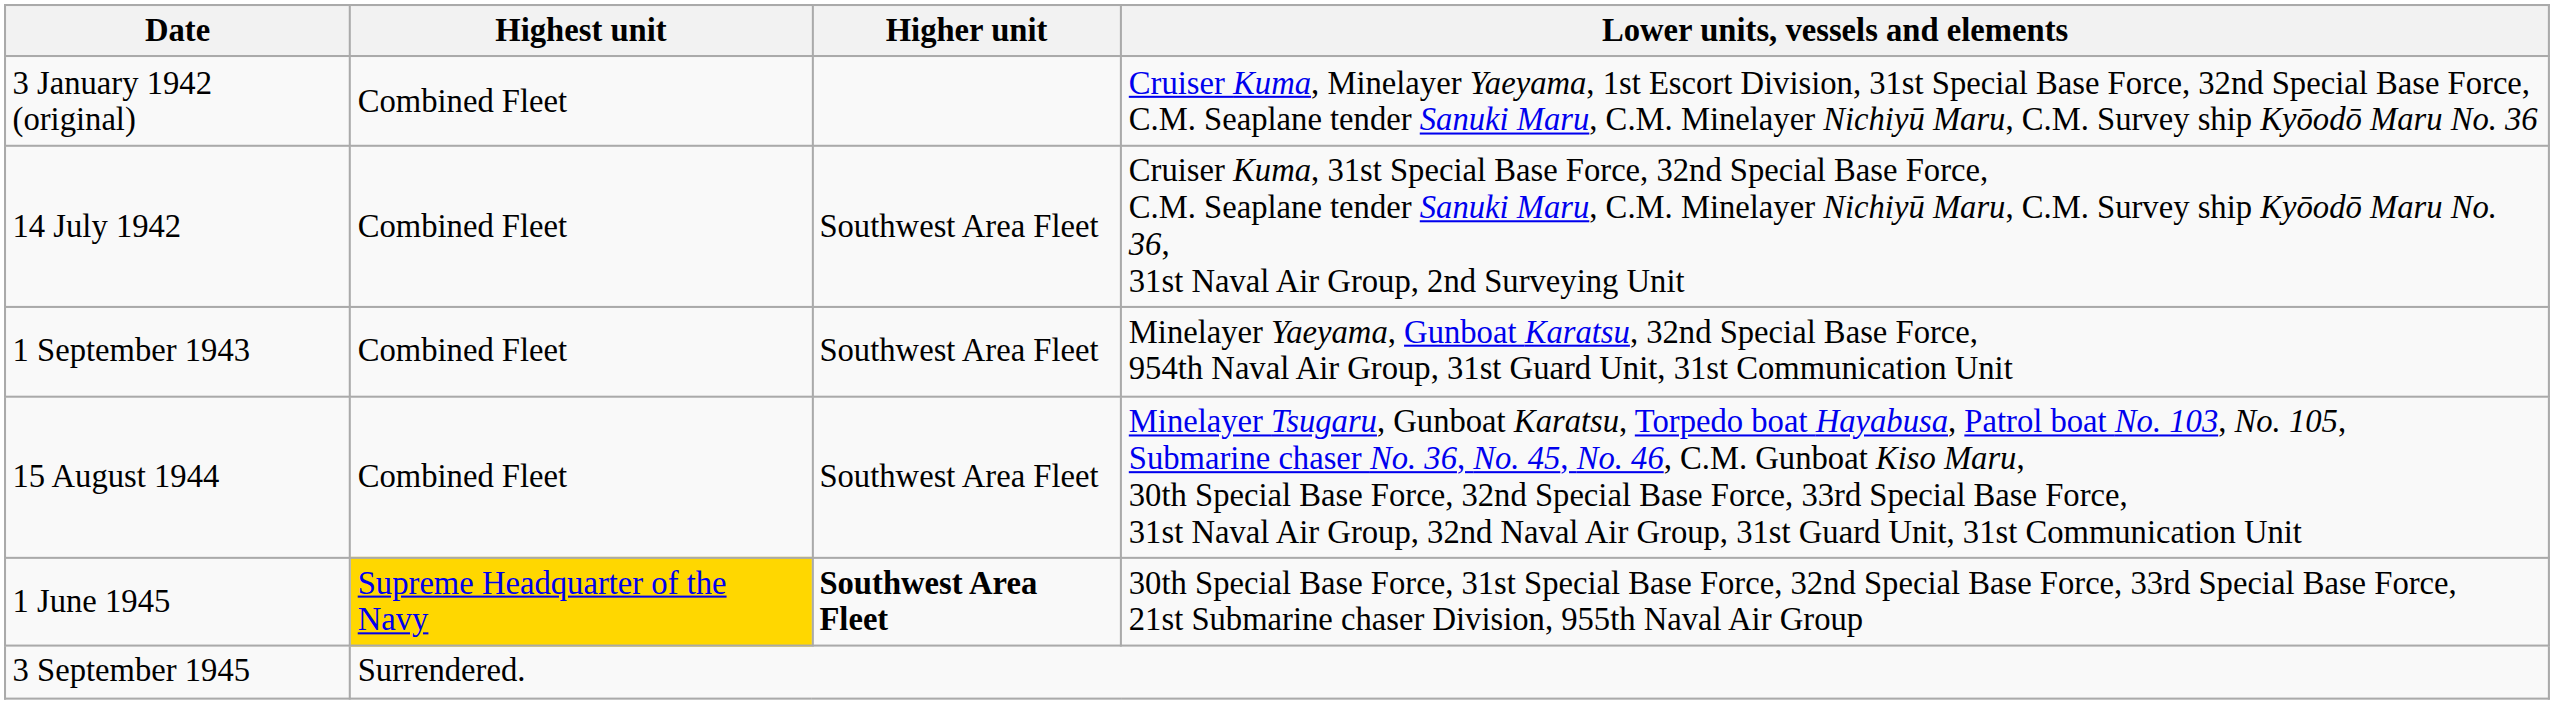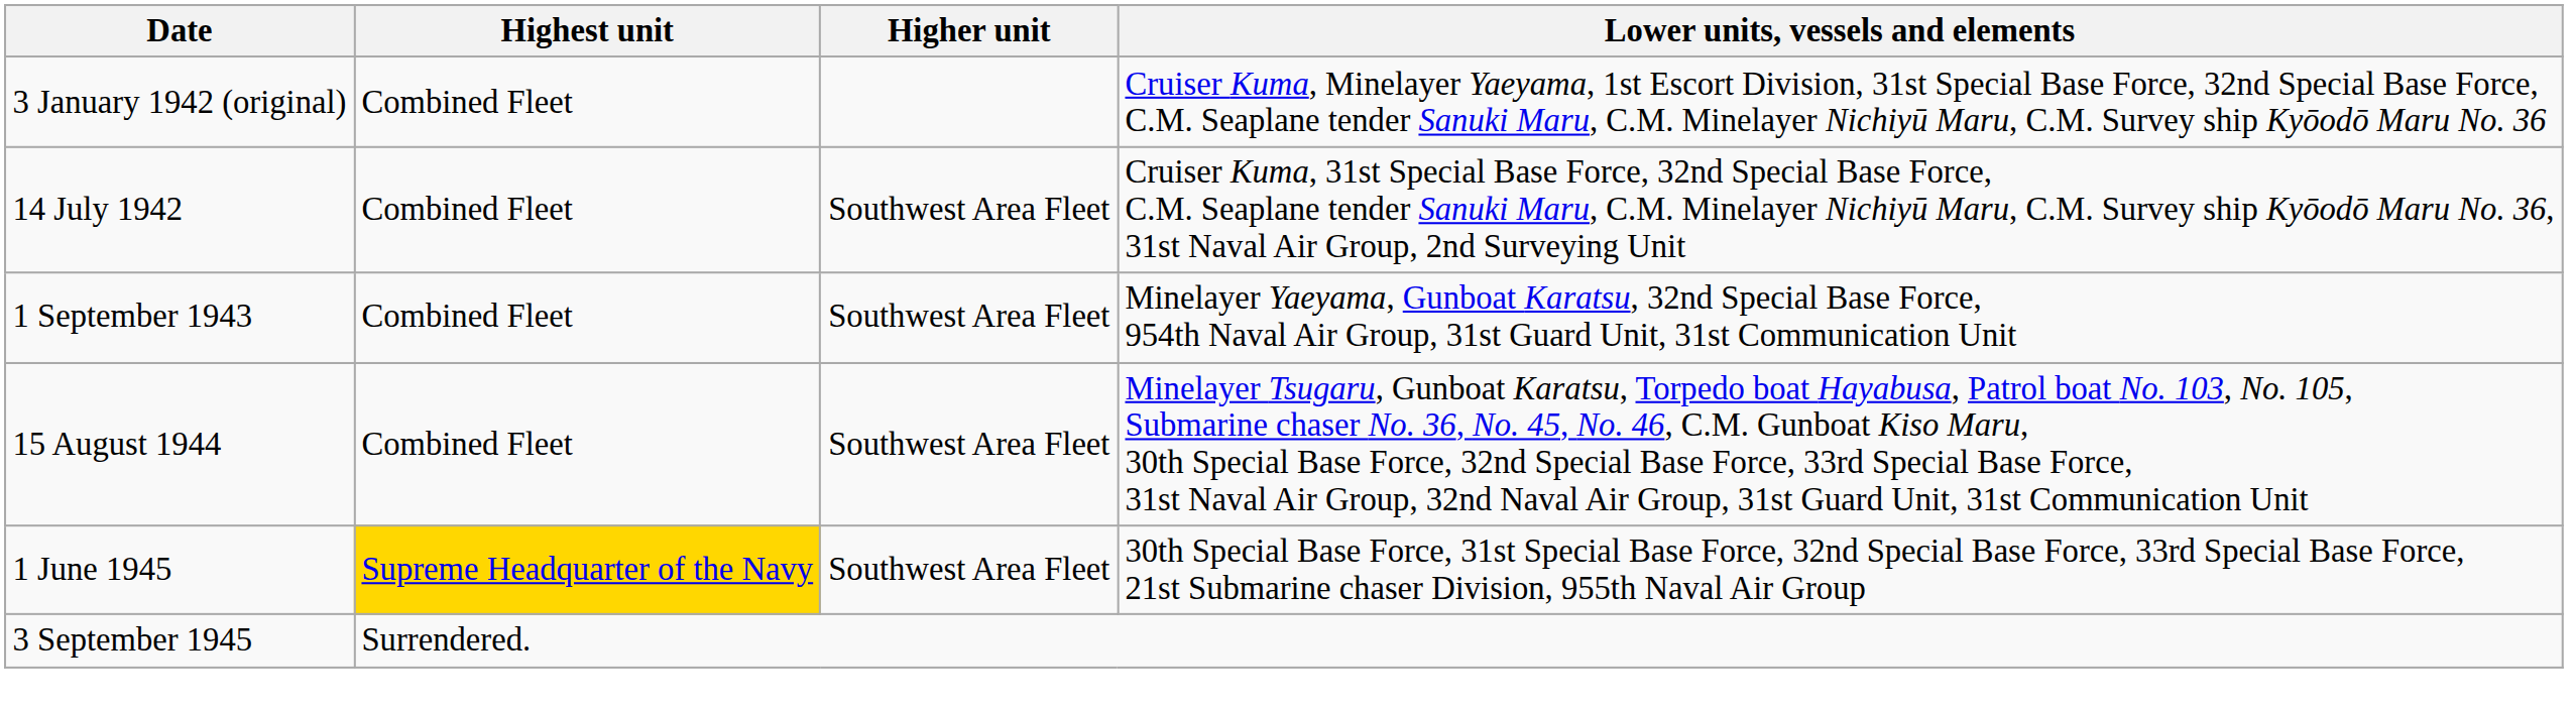 <table class="wikitable">
 <tr>
 <th>Date</th>
 <th>Highest unit</th>
 <th>Higher unit</th>
 <th>Lower units, vessels and elements</th>
 </tr>
 <tr>
 <td>3 January 1942 (original)</td>
 <td>Combined Fleet</td>
 <td></td>
 <td><a href='#'>Cruiser <em>Kuma</em></a>, Minelayer <em>Yaeyama</em>, 1st Escort Division, 31st Special Base Force, 32nd Special Base Force,<br>C.M. Seaplane tender <em><a href='#'>Sanuki Maru</a></em>, C.M. Minelayer <em>Nichiyū Maru</em>, C.M. Survey ship <em>Kyōodō Maru No. 36</em></td>
 </tr>
 <tr>
 <td>14 July 1942</td>
 <td>Combined Fleet</td>
 <td>Southwest Area Fleet</td>
 <td>Cruiser <em>Kuma</em>, 31st Special Base Force, 32nd Special Base Force,<br>C.M. Seaplane tender <em><a href='#'>Sanuki Maru</a></em>, C.M. Minelayer <em>Nichiyū Maru</em>, C.M. Survey ship <em>Kyōodō Maru No. 36</em>,<br>31st Naval Air Group, 2nd Surveying Unit</td>
 </tr>
 <tr>
 <td>1 September 1943</td>
 <td>Combined Fleet</td>
 <td>Southwest Area Fleet</td>
 <td>Minelayer <em>Yaeyama</em>, <a href='#'>Gunboat <em>Karatsu</em></a>, 32nd Special Base Force,<br>954th Naval Air Group, 31st Guard Unit, 31st Communication Unit</td>
 </tr>
 <tr>
 <td>15 August 1944</td>
 <td>Combined Fleet</td>
 <td>Southwest Area Fleet</td>
 <td><a href='#'>Minelayer <em>Tsugaru</em></a>, Gunboat <em>Karatsu</em>, <a href='#'>Torpedo boat <em>Hayabusa</em></a>, <a href='#'>Patrol boat <em>No. 103</em></a>, <em>No. 105</em>,<br><a href='#'>Submarine chaser <em>No. 36</em>, <em>No. 45</em>, <em>No. 46</em></a>, C.M. Gunboat <em>Kiso Maru</em>,<br>30th Special Base Force, 32nd Special Base Force, 33rd Special Base Force,<br>31st Naval Air Group, 32nd Naval Air Group, 31st Guard Unit, 31st Communication Unit</td>
 </tr>
 <tr>
 <td>1 June 1945</td>
 <td style="background: gold;"><a href='#'>Supreme Headquarter of the Navy</a></td>
-<td><strong>Southwest Area Fleet</strong></td>
+<td>Southwest Area Fleet</td>
 <td>30th Special Base Force, 31st Special Base Force, 32nd Special Base Force, 33rd Special Base Force,<br>21st Submarine chaser Division, 955th Naval Air Group</td>
 </tr>
 <tr>
 <td>3 September 1945</td>
 <td colspan="4">Surrendered.</td>
 </tr>
 </table>
